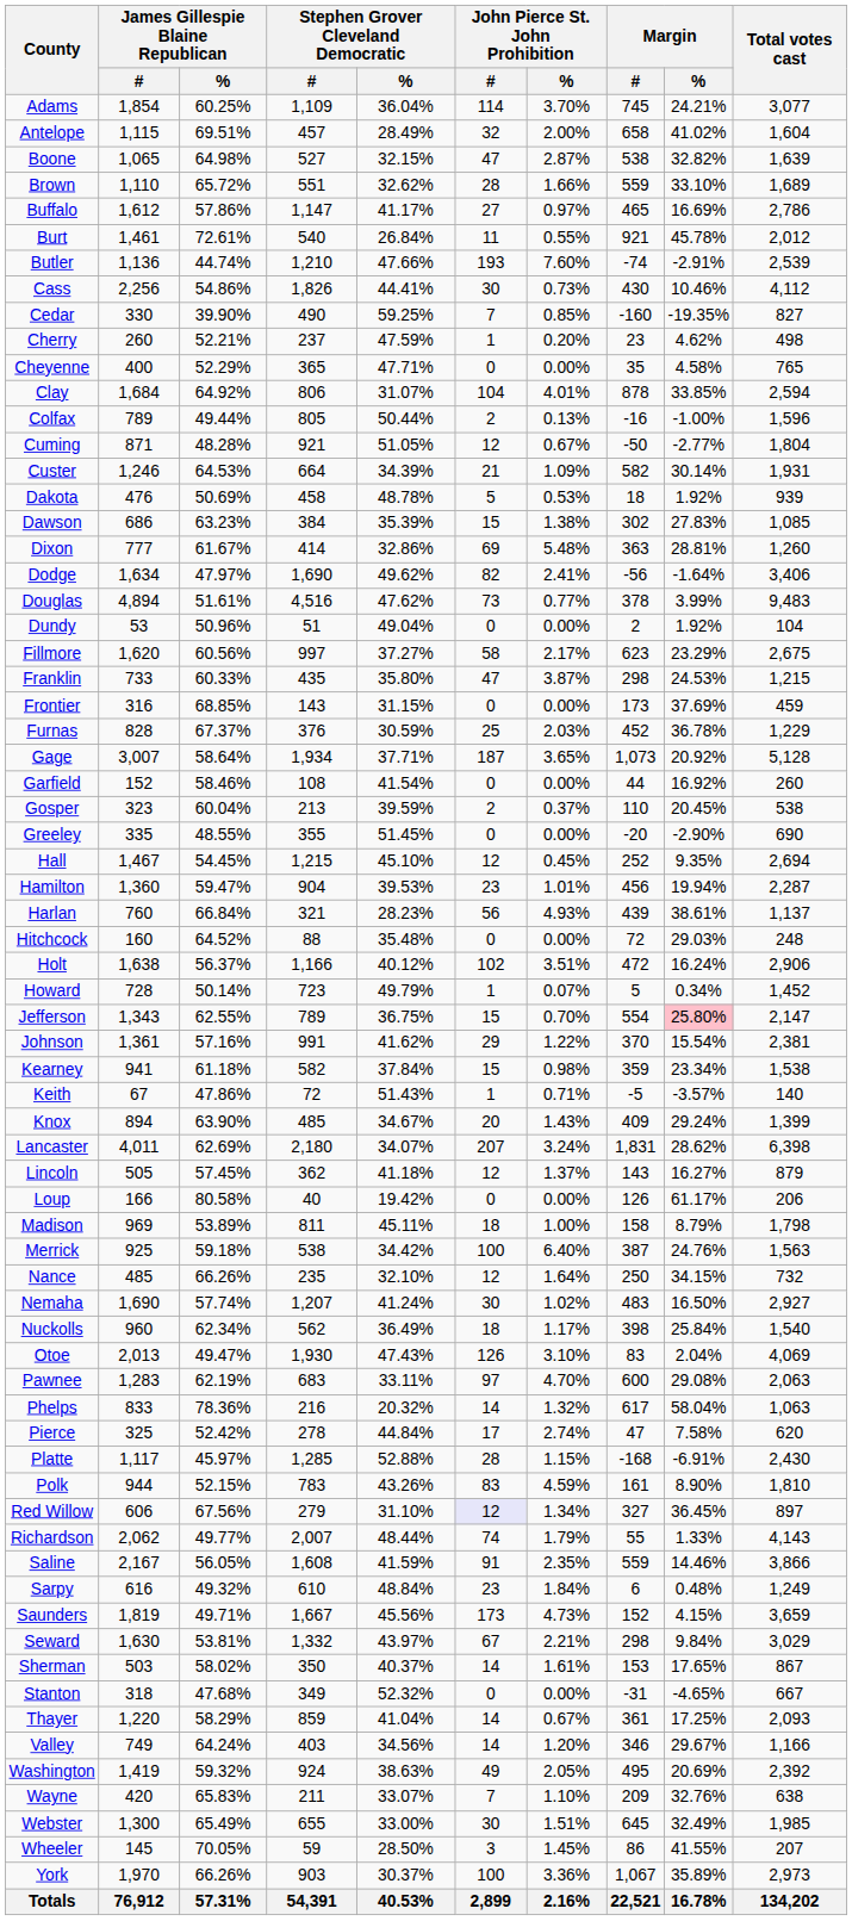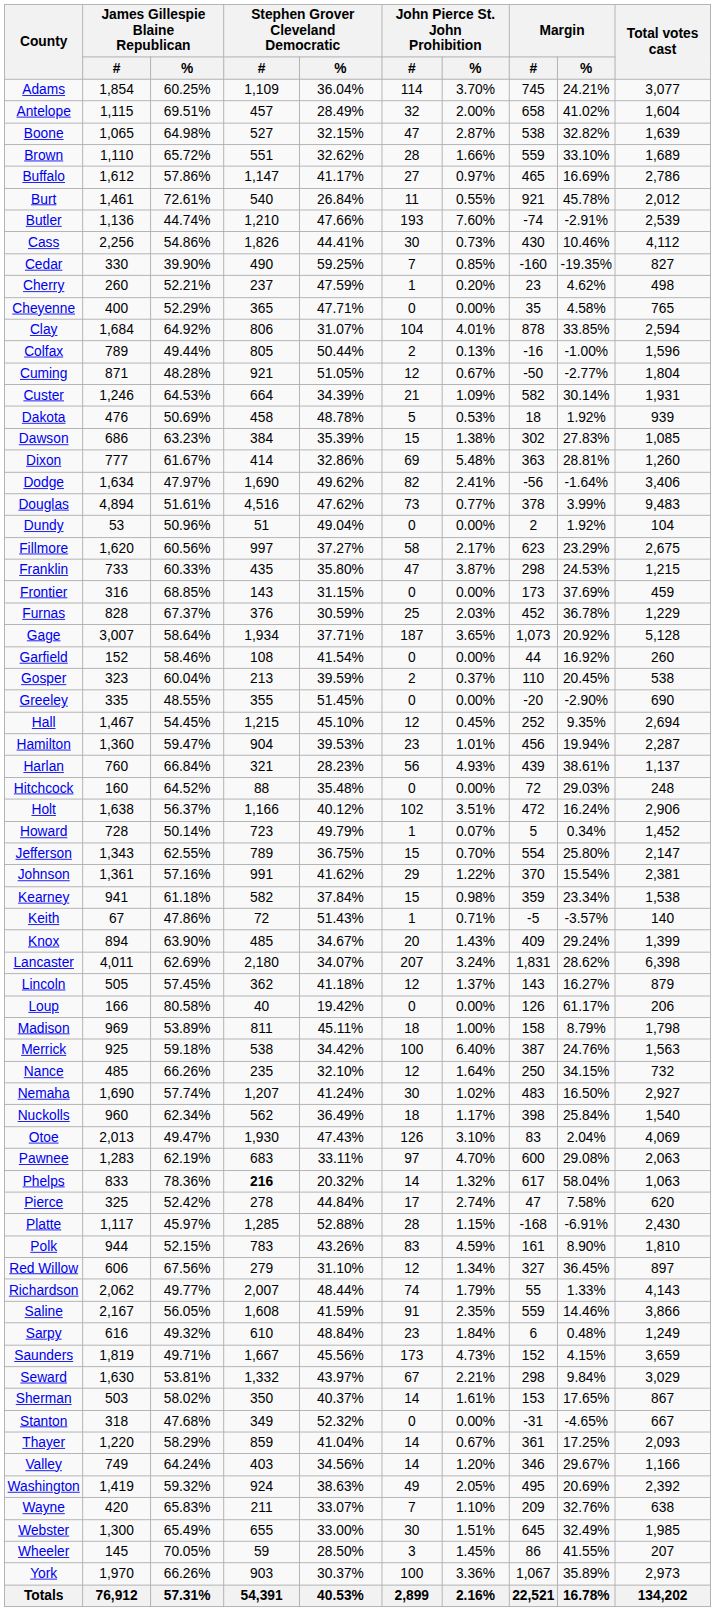 <table class="wikitable sortable" width="65%">
 <tr>
 <th rowspan="2">County</th>
 <th colspan="2">James Gillespie Blaine<br>Republican</th>
 <th colspan="2">Stephen Grover Cleveland<br>Democratic</th>
 <th colspan="2">John Pierce St. John <br>Prohibition</th>
 <th colspan="2">Margin</th>
 <th rowspan="2">Total votes cast</th>
 </tr>
 <tr bgcolor="lightgrey">
 <th data-sort-type="number">#</th>
 <th data-sort-type="number">%</th>
 <th data-sort-type="number">#</th>
 <th data-sort-type="number">%</th>
 <th data-sort-type="number">#</th>
 <th data-sort-type="number">%</th>
 <th data-sort-type="number">#</th>
 <th data-sort-type="number">%</th>
 </tr>
 <tr style="text-align:center;">
 <td><a href='#'>Adams</a></td>
 <td>1,854</td>
 <td>60.25%</td>
 <td>1,109</td>
 <td>36.04%</td>
 <td>114</td>
 <td>3.70%</td>
 <td>745</td>
 <td>24.21%</td>
 <td>3,077</td>
 </tr>
 <tr style="text-align:center;">
 <td><a href='#'>Antelope</a></td>
 <td>1,115</td>
 <td>69.51%</td>
 <td>457</td>
 <td>28.49%</td>
 <td>32</td>
 <td>2.00%</td>
 <td>658</td>
 <td>41.02%</td>
 <td>1,604</td>
 </tr>
 <tr style="text-align:center;">
 <td><a href='#'>Boone</a></td>
 <td>1,065</td>
 <td>64.98%</td>
 <td>527</td>
 <td>32.15%</td>
 <td>47</td>
 <td>2.87%</td>
 <td>538</td>
 <td>32.82%</td>
 <td>1,639</td>
 </tr>
 <tr style="text-align:center;">
 <td><a href='#'>Brown</a></td>
 <td>1,110</td>
 <td>65.72%</td>
 <td>551</td>
 <td>32.62%</td>
 <td>28</td>
 <td>1.66%</td>
 <td>559</td>
 <td>33.10%</td>
 <td>1,689</td>
 </tr>
 <tr style="text-align:center;">
 <td><a href='#'>Buffalo</a></td>
 <td>1,612</td>
 <td>57.86%</td>
 <td>1,147</td>
 <td>41.17%</td>
 <td>27</td>
 <td>0.97%</td>
 <td>465</td>
 <td>16.69%</td>
 <td>2,786</td>
 </tr>
 <tr style="text-align:center;">
 <td><a href='#'>Burt</a></td>
 <td>1,461</td>
 <td>72.61%</td>
 <td>540</td>
 <td>26.84%</td>
 <td>11</td>
 <td>0.55%</td>
 <td>921</td>
 <td>45.78%</td>
 <td>2,012</td>
 </tr>
 <tr style="text-align:center;">
 <td><a href='#'>Butler</a></td>
 <td>1,136</td>
 <td>44.74%</td>
 <td>1,210</td>
 <td>47.66%</td>
 <td>193</td>
 <td>7.60%</td>
 <td>-74</td>
 <td>-2.91%</td>
 <td>2,539</td>
 </tr>
 <tr style="text-align:center;">
 <td><a href='#'>Cass</a></td>
 <td>2,256</td>
 <td>54.86%</td>
 <td>1,826</td>
 <td>44.41%</td>
 <td>30</td>
 <td>0.73%</td>
 <td>430</td>
 <td>10.46%</td>
 <td>4,112</td>
 </tr>
 <tr style="text-align:center;">
 <td><a href='#'>Cedar</a></td>
 <td>330</td>
 <td>39.90%</td>
 <td>490</td>
 <td>59.25%</td>
 <td>7</td>
 <td>0.85%</td>
 <td>-160</td>
 <td>-19.35%</td>
 <td>827</td>
 </tr>
 <tr style="text-align:center;">
 <td><a href='#'>Cherry</a></td>
 <td>260</td>
 <td>52.21%</td>
 <td>237</td>
 <td>47.59%</td>
 <td>1</td>
 <td>0.20%</td>
 <td>23</td>
 <td>4.62%</td>
 <td>498</td>
 </tr>
 <tr style="text-align:center;">
 <td><a href='#'>Cheyenne</a></td>
 <td>400</td>
 <td>52.29%</td>
 <td>365</td>
 <td>47.71%</td>
 <td>0</td>
 <td>0.00%</td>
 <td>35</td>
 <td>4.58%</td>
 <td>765</td>
 </tr>
 <tr style="text-align:center;">
 <td><a href='#'>Clay</a></td>
 <td>1,684</td>
 <td>64.92%</td>
 <td>806</td>
 <td>31.07%</td>
 <td>104</td>
 <td>4.01%</td>
 <td>878</td>
 <td>33.85%</td>
 <td>2,594</td>
 </tr>
 <tr style="text-align:center;">
 <td><a href='#'>Colfax</a></td>
 <td>789</td>
 <td>49.44%</td>
 <td>805</td>
 <td>50.44%</td>
 <td>2</td>
 <td>0.13%</td>
 <td>-16</td>
 <td>-1.00%</td>
 <td>1,596</td>
 </tr>
 <tr style="text-align:center;">
 <td><a href='#'>Cuming</a></td>
 <td>871</td>
 <td>48.28%</td>
 <td>921</td>
 <td>51.05%</td>
 <td>12</td>
 <td>0.67%</td>
 <td>-50</td>
 <td>-2.77%</td>
 <td>1,804</td>
 </tr>
 <tr style="text-align:center;">
 <td><a href='#'>Custer</a></td>
 <td>1,246</td>
 <td>64.53%</td>
 <td>664</td>
 <td>34.39%</td>
 <td>21</td>
 <td>1.09%</td>
 <td>582</td>
 <td>30.14%</td>
 <td>1,931</td>
 </tr>
 <tr style="text-align:center;">
 <td><a href='#'>Dakota</a></td>
 <td>476</td>
 <td>50.69%</td>
 <td>458</td>
 <td>48.78%</td>
 <td>5</td>
 <td>0.53%</td>
 <td>18</td>
 <td>1.92%</td>
 <td>939</td>
 </tr>
 <tr style="text-align:center;">
 <td><a href='#'>Dawson</a></td>
 <td>686</td>
 <td>63.23%</td>
 <td>384</td>
 <td>35.39%</td>
 <td>15</td>
 <td>1.38%</td>
 <td>302</td>
 <td>27.83%</td>
 <td>1,085</td>
 </tr>
 <tr style="text-align:center;">
 <td><a href='#'>Dixon</a></td>
 <td>777</td>
 <td>61.67%</td>
 <td>414</td>
 <td>32.86%</td>
 <td>69</td>
 <td>5.48%</td>
 <td>363</td>
 <td>28.81%</td>
 <td>1,260</td>
 </tr>
 <tr style="text-align:center;">
 <td><a href='#'>Dodge</a></td>
 <td>1,634</td>
 <td>47.97%</td>
 <td>1,690</td>
 <td>49.62%</td>
 <td>82</td>
 <td>2.41%</td>
 <td>-56</td>
 <td>-1.64%</td>
 <td>3,406</td>
 </tr>
 <tr style="text-align:center;">
 <td><a href='#'>Douglas</a></td>
 <td>4,894</td>
 <td>51.61%</td>
 <td>4,516</td>
 <td>47.62%</td>
 <td>73</td>
 <td>0.77%</td>
 <td>378</td>
 <td>3.99%</td>
 <td>9,483</td>
 </tr>
 <tr style="text-align:center;">
 <td><a href='#'>Dundy</a></td>
 <td>53</td>
 <td>50.96%</td>
 <td>51</td>
 <td>49.04%</td>
 <td>0</td>
 <td>0.00%</td>
 <td>2</td>
 <td>1.92%</td>
 <td>104</td>
 </tr>
 <tr style="text-align:center;">
 <td><a href='#'>Fillmore</a></td>
 <td>1,620</td>
 <td>60.56%</td>
 <td>997</td>
 <td>37.27%</td>
 <td>58</td>
 <td>2.17%</td>
 <td>623</td>
 <td>23.29%</td>
 <td>2,675</td>
 </tr>
 <tr style="text-align:center;">
 <td><a href='#'>Franklin</a></td>
 <td>733</td>
 <td>60.33%</td>
 <td>435</td>
 <td>35.80%</td>
 <td>47</td>
 <td>3.87%</td>
 <td>298</td>
 <td>24.53%</td>
 <td>1,215</td>
 </tr>
 <tr style="text-align:center;">
 <td><a href='#'>Frontier</a></td>
 <td>316</td>
 <td>68.85%</td>
 <td>143</td>
 <td>31.15%</td>
 <td>0</td>
 <td>0.00%</td>
 <td>173</td>
 <td>37.69%</td>
 <td>459</td>
 </tr>
 <tr style="text-align:center;">
 <td><a href='#'>Furnas</a></td>
 <td>828</td>
 <td>67.37%</td>
 <td>376</td>
 <td>30.59%</td>
 <td>25</td>
 <td>2.03%</td>
 <td>452</td>
 <td>36.78%</td>
 <td>1,229</td>
 </tr>
 <tr style="text-align:center;">
 <td><a href='#'>Gage</a></td>
 <td>3,007</td>
 <td>58.64%</td>
 <td>1,934</td>
 <td>37.71%</td>
 <td>187</td>
 <td>3.65%</td>
 <td>1,073</td>
 <td>20.92%</td>
 <td>5,128</td>
 </tr>
 <tr style="text-align:center;">
 <td><a href='#'>Garfield</a></td>
 <td>152</td>
 <td>58.46%</td>
 <td>108</td>
 <td>41.54%</td>
 <td>0</td>
 <td>0.00%</td>
 <td>44</td>
 <td>16.92%</td>
 <td>260</td>
 </tr>
 <tr style="text-align:center;">
 <td><a href='#'>Gosper</a></td>
 <td>323</td>
 <td>60.04%</td>
 <td>213</td>
 <td>39.59%</td>
 <td>2</td>
 <td>0.37%</td>
 <td>110</td>
 <td>20.45%</td>
 <td>538</td>
 </tr>
 <tr style="text-align:center;">
 <td><a href='#'>Greeley</a></td>
 <td>335</td>
 <td>48.55%</td>
 <td>355</td>
 <td>51.45%</td>
 <td>0</td>
 <td>0.00%</td>
 <td>-20</td>
 <td>-2.90%</td>
 <td>690</td>
 </tr>
 <tr style="text-align:center;">
 <td><a href='#'>Hall</a></td>
 <td>1,467</td>
 <td>54.45%</td>
 <td>1,215</td>
 <td>45.10%</td>
 <td>12</td>
 <td>0.45%</td>
 <td>252</td>
 <td>9.35%</td>
 <td>2,694</td>
 </tr>
 <tr style="text-align:center;">
 <td><a href='#'>Hamilton</a></td>
 <td>1,360</td>
 <td>59.47%</td>
 <td>904</td>
 <td>39.53%</td>
 <td>23</td>
 <td>1.01%</td>
 <td>456</td>
 <td>19.94%</td>
 <td>2,287</td>
 </tr>
 <tr style="text-align:center;">
 <td><a href='#'>Harlan</a></td>
 <td>760</td>
 <td>66.84%</td>
 <td>321</td>
 <td>28.23%</td>
 <td>56</td>
 <td>4.93%</td>
 <td>439</td>
 <td>38.61%</td>
 <td>1,137</td>
 </tr>
 <tr style="text-align:center;">
 <td><a href='#'>Hitchcock</a></td>
 <td>160</td>
 <td>64.52%</td>
 <td>88</td>
 <td>35.48%</td>
 <td>0</td>
 <td>0.00%</td>
 <td>72</td>
 <td>29.03%</td>
 <td>248</td>
 </tr>
 <tr style="text-align:center;">
 <td><a href='#'>Holt</a></td>
 <td>1,638</td>
 <td>56.37%</td>
 <td>1,166</td>
 <td>40.12%</td>
 <td>102</td>
 <td>3.51%</td>
 <td>472</td>
 <td>16.24%</td>
 <td>2,906</td>
 </tr>
 <tr style="text-align:center;">
 <td><a href='#'>Howard</a></td>
 <td>728</td>
 <td>50.14%</td>
 <td>723</td>
 <td>49.79%</td>
 <td>1</td>
 <td>0.07%</td>
 <td>5</td>
 <td>0.34%</td>
 <td>1,452</td>
 </tr>
 <tr style="text-align:center;">
 <td><a href='#'>Jefferson</a></td>
 <td>1,343</td>
 <td>62.55%</td>
 <td>789</td>
 <td>36.75%</td>
 <td>15</td>
 <td>0.70%</td>
 <td>554</td>
-<td style="background: pink;">25.80%</td>
+<td>25.80%</td>
 <td>2,147</td>
 </tr>
 <tr style="text-align:center;">
 <td><a href='#'>Johnson</a></td>
 <td>1,361</td>
 <td>57.16%</td>
 <td>991</td>
 <td>41.62%</td>
 <td>29</td>
 <td>1.22%</td>
 <td>370</td>
 <td>15.54%</td>
 <td>2,381</td>
 </tr>
 <tr style="text-align:center;">
 <td><a href='#'>Kearney</a></td>
 <td>941</td>
 <td>61.18%</td>
 <td>582</td>
 <td>37.84%</td>
 <td>15</td>
 <td>0.98%</td>
 <td>359</td>
 <td>23.34%</td>
 <td>1,538</td>
 </tr>
 <tr style="text-align:center;">
 <td><a href='#'>Keith</a></td>
 <td>67</td>
 <td>47.86%</td>
 <td>72</td>
 <td>51.43%</td>
 <td>1</td>
 <td>0.71%</td>
 <td>-5</td>
 <td>-3.57%</td>
 <td>140</td>
 </tr>
 <tr style="text-align:center;">
 <td><a href='#'>Knox</a></td>
 <td>894</td>
 <td>63.90%</td>
 <td>485</td>
 <td>34.67%</td>
 <td>20</td>
 <td>1.43%</td>
 <td>409</td>
 <td>29.24%</td>
 <td>1,399</td>
 </tr>
 <tr style="text-align:center;">
 <td><a href='#'>Lancaster</a></td>
 <td>4,011</td>
 <td>62.69%</td>
 <td>2,180</td>
 <td>34.07%</td>
 <td>207</td>
 <td>3.24%</td>
 <td>1,831</td>
 <td>28.62%</td>
 <td>6,398</td>
 </tr>
 <tr style="text-align:center;">
 <td><a href='#'>Lincoln</a></td>
 <td>505</td>
 <td>57.45%</td>
 <td>362</td>
 <td>41.18%</td>
 <td>12</td>
 <td>1.37%</td>
 <td>143</td>
 <td>16.27%</td>
 <td>879</td>
 </tr>
 <tr style="text-align:center;">
 <td><a href='#'>Loup</a></td>
 <td>166</td>
 <td>80.58%</td>
 <td>40</td>
 <td>19.42%</td>
 <td>0</td>
 <td>0.00%</td>
 <td>126</td>
 <td>61.17%</td>
 <td>206</td>
 </tr>
 <tr style="text-align:center;">
 <td><a href='#'>Madison</a></td>
 <td>969</td>
 <td>53.89%</td>
 <td>811</td>
 <td>45.11%</td>
 <td>18</td>
 <td>1.00%</td>
 <td>158</td>
 <td>8.79%</td>
 <td>1,798</td>
 </tr>
 <tr style="text-align:center;">
 <td><a href='#'>Merrick</a></td>
 <td>925</td>
 <td>59.18%</td>
 <td>538</td>
 <td>34.42%</td>
 <td>100</td>
 <td>6.40%</td>
 <td>387</td>
 <td>24.76%</td>
 <td>1,563</td>
 </tr>
 <tr style="text-align:center;">
 <td><a href='#'>Nance</a></td>
 <td>485</td>
 <td>66.26%</td>
 <td>235</td>
 <td>32.10%</td>
 <td>12</td>
 <td>1.64%</td>
 <td>250</td>
 <td>34.15%</td>
 <td>732</td>
 </tr>
 <tr style="text-align:center;">
 <td><a href='#'>Nemaha</a></td>
 <td>1,690</td>
 <td>57.74%</td>
 <td>1,207</td>
 <td>41.24%</td>
 <td>30</td>
 <td>1.02%</td>
 <td>483</td>
 <td>16.50%</td>
 <td>2,927</td>
 </tr>
 <tr style="text-align:center;">
 <td><a href='#'>Nuckolls</a></td>
 <td>960</td>
 <td>62.34%</td>
 <td>562</td>
 <td>36.49%</td>
 <td>18</td>
 <td>1.17%</td>
 <td>398</td>
 <td>25.84%</td>
 <td>1,540</td>
 </tr>
 <tr style="text-align:center;">
 <td><a href='#'>Otoe</a></td>
 <td>2,013</td>
 <td>49.47%</td>
 <td>1,930</td>
 <td>47.43%</td>
 <td>126</td>
 <td>3.10%</td>
 <td>83</td>
 <td>2.04%</td>
 <td>4,069</td>
 </tr>
 <tr style="text-align:center;">
 <td><a href='#'>Pawnee</a></td>
 <td>1,283</td>
 <td>62.19%</td>
 <td>683</td>
 <td>33.11%</td>
 <td>97</td>
 <td>4.70%</td>
 <td>600</td>
 <td>29.08%</td>
 <td>2,063</td>
 </tr>
 <tr style="text-align:center;">
 <td><a href='#'>Phelps</a></td>
 <td>833</td>
 <td>78.36%</td>
-<td>216</td>
+<td><strong>216</strong></td>
 <td>20.32%</td>
 <td>14</td>
 <td>1.32%</td>
 <td>617</td>
 <td>58.04%</td>
 <td>1,063</td>
 </tr>
 <tr style="text-align:center;">
 <td><a href='#'>Pierce</a></td>
 <td>325</td>
 <td>52.42%</td>
 <td>278</td>
 <td>44.84%</td>
 <td>17</td>
 <td>2.74%</td>
 <td>47</td>
 <td>7.58%</td>
 <td>620</td>
 </tr>
 <tr style="text-align:center;">
 <td><a href='#'>Platte</a></td>
 <td>1,117</td>
 <td>45.97%</td>
 <td>1,285</td>
 <td>52.88%</td>
 <td>28</td>
 <td>1.15%</td>
 <td>-168</td>
 <td>-6.91%</td>
 <td>2,430</td>
 </tr>
 <tr style="text-align:center;">
 <td><a href='#'>Polk</a></td>
 <td>944</td>
 <td>52.15%</td>
 <td>783</td>
 <td>43.26%</td>
 <td>83</td>
 <td>4.59%</td>
 <td>161</td>
 <td>8.90%</td>
 <td>1,810</td>
 </tr>
 <tr style="text-align:center;">
 <td><a href='#'>Red Willow</a></td>
 <td>606</td>
 <td>67.56%</td>
 <td>279</td>
 <td>31.10%</td>
-<td style="background: lavender;">12</td>
+<td>12</td>
 <td>1.34%</td>
 <td>327</td>
 <td>36.45%</td>
 <td>897</td>
 </tr>
 <tr style="text-align:center;">
 <td><a href='#'>Richardson</a></td>
 <td>2,062</td>
 <td>49.77%</td>
 <td>2,007</td>
 <td>48.44%</td>
 <td>74</td>
 <td>1.79%</td>
 <td>55</td>
 <td>1.33%</td>
 <td>4,143</td>
 </tr>
 <tr style="text-align:center;">
 <td><a href='#'>Saline</a></td>
 <td>2,167</td>
 <td>56.05%</td>
 <td>1,608</td>
 <td>41.59%</td>
 <td>91</td>
 <td>2.35%</td>
 <td>559</td>
 <td>14.46%</td>
 <td>3,866</td>
 </tr>
 <tr style="text-align:center;">
 <td><a href='#'>Sarpy</a></td>
 <td>616</td>
 <td>49.32%</td>
 <td>610</td>
 <td>48.84%</td>
 <td>23</td>
 <td>1.84%</td>
 <td>6</td>
 <td>0.48%</td>
 <td>1,249</td>
 </tr>
 <tr style="text-align:center;">
 <td><a href='#'>Saunders</a></td>
 <td>1,819</td>
 <td>49.71%</td>
 <td>1,667</td>
 <td>45.56%</td>
 <td>173</td>
 <td>4.73%</td>
 <td>152</td>
 <td>4.15%</td>
 <td>3,659</td>
 </tr>
 <tr style="text-align:center;">
 <td><a href='#'>Seward</a></td>
 <td>1,630</td>
 <td>53.81%</td>
 <td>1,332</td>
 <td>43.97%</td>
 <td>67</td>
 <td>2.21%</td>
 <td>298</td>
 <td>9.84%</td>
 <td>3,029</td>
 </tr>
 <tr style="text-align:center;">
 <td><a href='#'>Sherman</a></td>
 <td>503</td>
 <td>58.02%</td>
 <td>350</td>
 <td>40.37%</td>
 <td>14</td>
 <td>1.61%</td>
 <td>153</td>
 <td>17.65%</td>
 <td>867</td>
 </tr>
 <tr style="text-align:center;">
 <td><a href='#'>Stanton</a></td>
 <td>318</td>
 <td>47.68%</td>
 <td>349</td>
 <td>52.32%</td>
 <td>0</td>
 <td>0.00%</td>
 <td>-31</td>
 <td>-4.65%</td>
 <td>667</td>
 </tr>
 <tr style="text-align:center;">
 <td><a href='#'>Thayer</a></td>
 <td>1,220</td>
 <td>58.29%</td>
 <td>859</td>
 <td>41.04%</td>
 <td>14</td>
 <td>0.67%</td>
 <td>361</td>
 <td>17.25%</td>
 <td>2,093</td>
 </tr>
 <tr style="text-align:center;">
 <td><a href='#'>Valley</a></td>
 <td>749</td>
 <td>64.24%</td>
 <td>403</td>
 <td>34.56%</td>
 <td>14</td>
 <td>1.20%</td>
 <td>346</td>
 <td>29.67%</td>
 <td>1,166</td>
 </tr>
 <tr style="text-align:center;">
 <td><a href='#'>Washington</a></td>
 <td>1,419</td>
 <td>59.32%</td>
 <td>924</td>
 <td>38.63%</td>
 <td>49</td>
 <td>2.05%</td>
 <td>495</td>
 <td>20.69%</td>
 <td>2,392</td>
 </tr>
 <tr style="text-align:center;">
 <td><a href='#'>Wayne</a></td>
 <td>420</td>
 <td>65.83%</td>
 <td>211</td>
 <td>33.07%</td>
 <td>7</td>
 <td>1.10%</td>
 <td>209</td>
 <td>32.76%</td>
 <td>638</td>
 </tr>
 <tr style="text-align:center;">
 <td><a href='#'>Webster</a></td>
 <td>1,300</td>
 <td>65.49%</td>
 <td>655</td>
 <td>33.00%</td>
 <td>30</td>
 <td>1.51%</td>
 <td>645</td>
 <td>32.49%</td>
 <td>1,985</td>
 </tr>
 <tr style="text-align:center;">
 <td><a href='#'>Wheeler</a></td>
 <td>145</td>
 <td>70.05%</td>
 <td>59</td>
 <td>28.50%</td>
 <td>3</td>
 <td>1.45%</td>
 <td>86</td>
 <td>41.55%</td>
 <td>207</td>
 </tr>
 <tr style="text-align:center;">
 <td><a href='#'>York</a></td>
 <td>1,970</td>
 <td>66.26%</td>
 <td>903</td>
 <td>30.37%</td>
 <td>100</td>
 <td>3.36%</td>
 <td>1,067</td>
 <td>35.89%</td>
 <td>2,973</td>
 </tr>
 <tr style="text-align:center;">
 <th>Totals</th>
 <th>76,912</th>
 <th>57.31%</th>
 <th>54,391</th>
 <th>40.53%</th>
 <th>2,899</th>
 <th>2.16%</th>
 <th>22,521</th>
 <th>16.78%</th>
 <th>134,202</th>
 </tr>
 </table>
